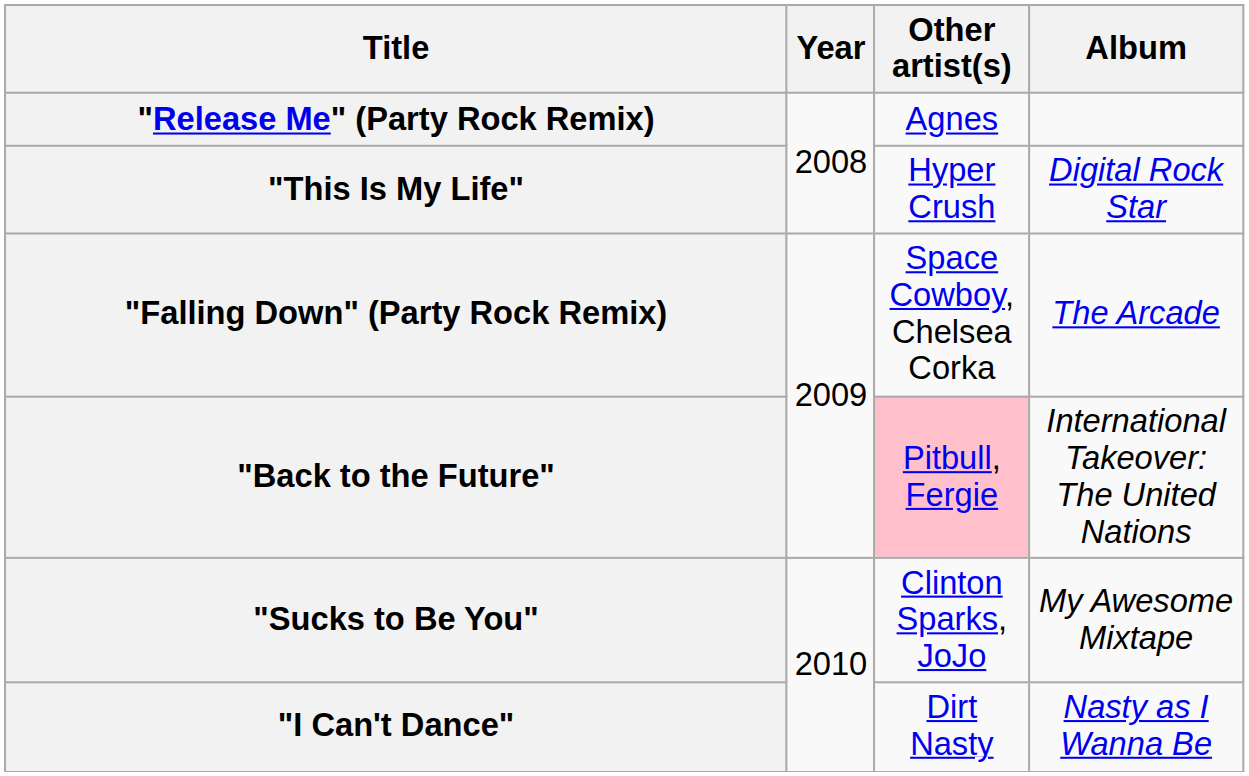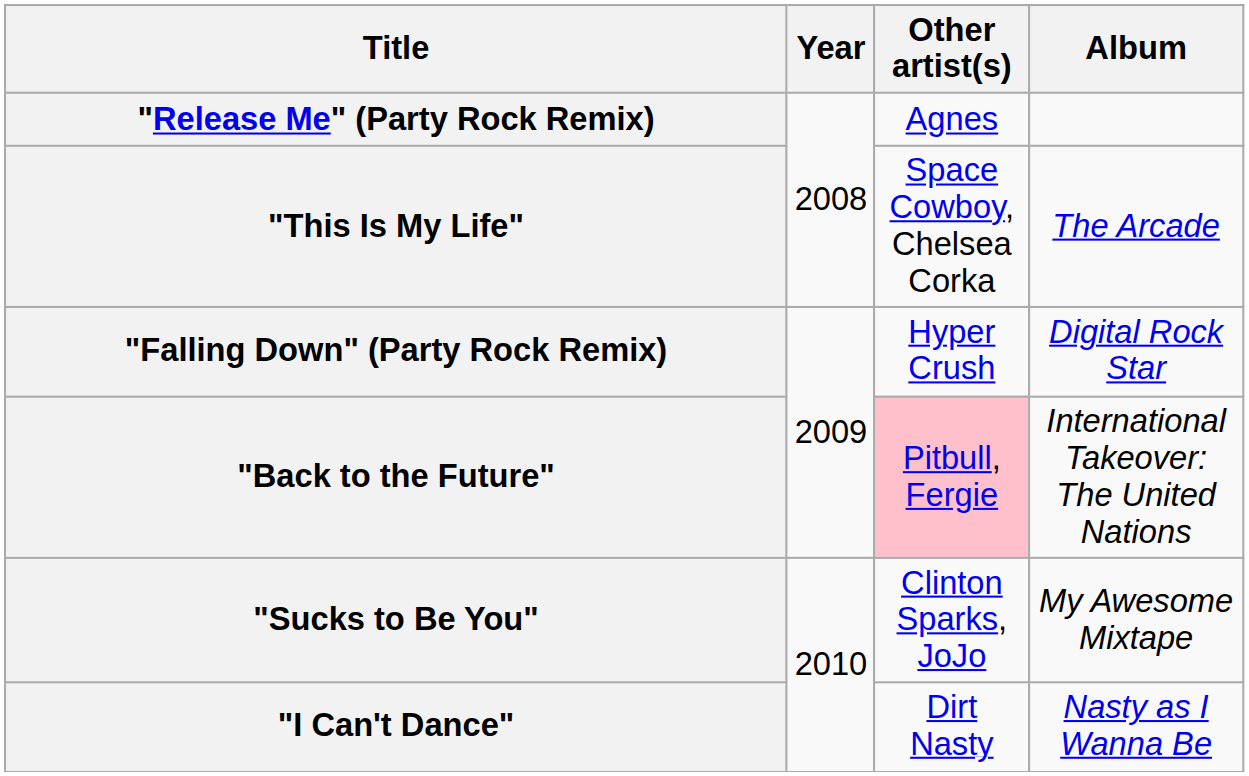 <table class="wikitable plainrowheaders" style="text-align:center;">
 <tr>
 <th scope="col" style="width:23.5em;">Title</th>
 <th scope="col">Year</th>
 <th scope="col">Other artist(s)</th>
 <th scope="col">Album</th>
 </tr>
 <tr>
 <th scope="row">"<a href='#'>Release Me</a>" (Party Rock Remix)</th>
 <td rowspan="2">2008</td>
 <td><a href='#'>Agnes</a></td>
 <td></td>
 </tr>
 <tr>
 <th scope="row">"This Is My Life"</th>
-<td><a href='#'>Hyper Crush</a></td>
-<td><em><a href='#'>Digital Rock Star</a></em></td>
+<td><a href='#'>Space Cowboy</a>, Chelsea Corka</td>
+<td><em><a href='#'>The Arcade</a></em></td>
 </tr>
 <tr>
 <th scope="row">"Falling Down" (Party Rock Remix)</th>
 <td rowspan="2">2009</td>
-<td><a href='#'>Space Cowboy</a>, Chelsea Corka</td>
-<td><em><a href='#'>The Arcade</a></em></td>
+<td><a href='#'>Hyper Crush</a></td>
+<td><em><a href='#'>Digital Rock Star</a></em></td>
 </tr>
 <tr>
 <th scope="row">"Back to the Future"</th>
 <td style="background: pink;"><a href='#'>Pitbull</a>, <a href='#'>Fergie</a></td>
 <td><em>International Takeover: The United Nations</em></td>
 </tr>
 <tr>
 <th scope="row">"Sucks to Be You"</th>
 <td rowspan="2">2010</td>
 <td><a href='#'>Clinton Sparks</a>, <a href='#'>JoJo</a></td>
 <td><em>My Awesome Mixtape</em></td>
 </tr>
 <tr>
 <th scope="row">"I Can't Dance"</th>
 <td><a href='#'>Dirt Nasty</a></td>
 <td><em><a href='#'>Nasty as I Wanna Be</a></em></td>
 </tr>
 <tr>
 </tr>
 </table>
